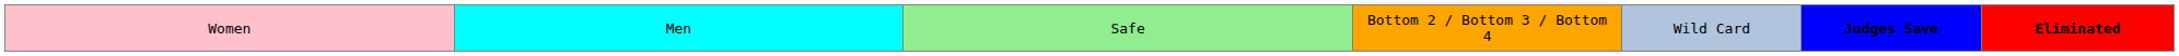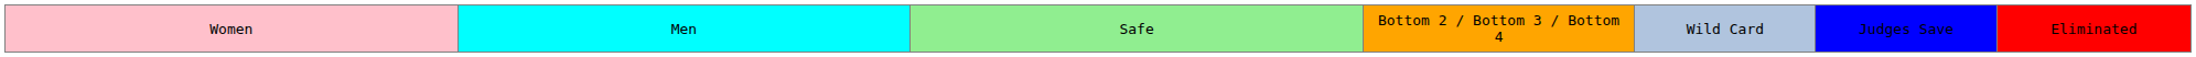 <table border="2" cellpadding="6" style="background:silver; border:1px solid gray; border-collapse:collapse; margin:1em auto; text-align:center;">
 <tr>
 </tr>
 <tr>
 <td style="background:pink;" width="10%">Women</td>
 <td style="background:cyan;" width="10%">Men</td>
 <td style="background:lightgreen;" width="10%">Safe</td>
 <td style="background:orange;" width="6%">Bottom 2 / Bottom 3 / Bottom 4</td>
 <td style="background:lightsteelblue;" width="4%">Wild Card</td>
-<td style="background:blue;" width="4%"><strong><span>Judges Save</span></strong></td>
-<td style="background:red;" width="4%"><strong><span>Eliminated</span></strong></td>
+<td style="background:blue;" width="4%"><span>Judges Save</span></td>
+<td style="background:red;" width="4%"><span>Eliminated</span></td>
 </tr>
 </table>
